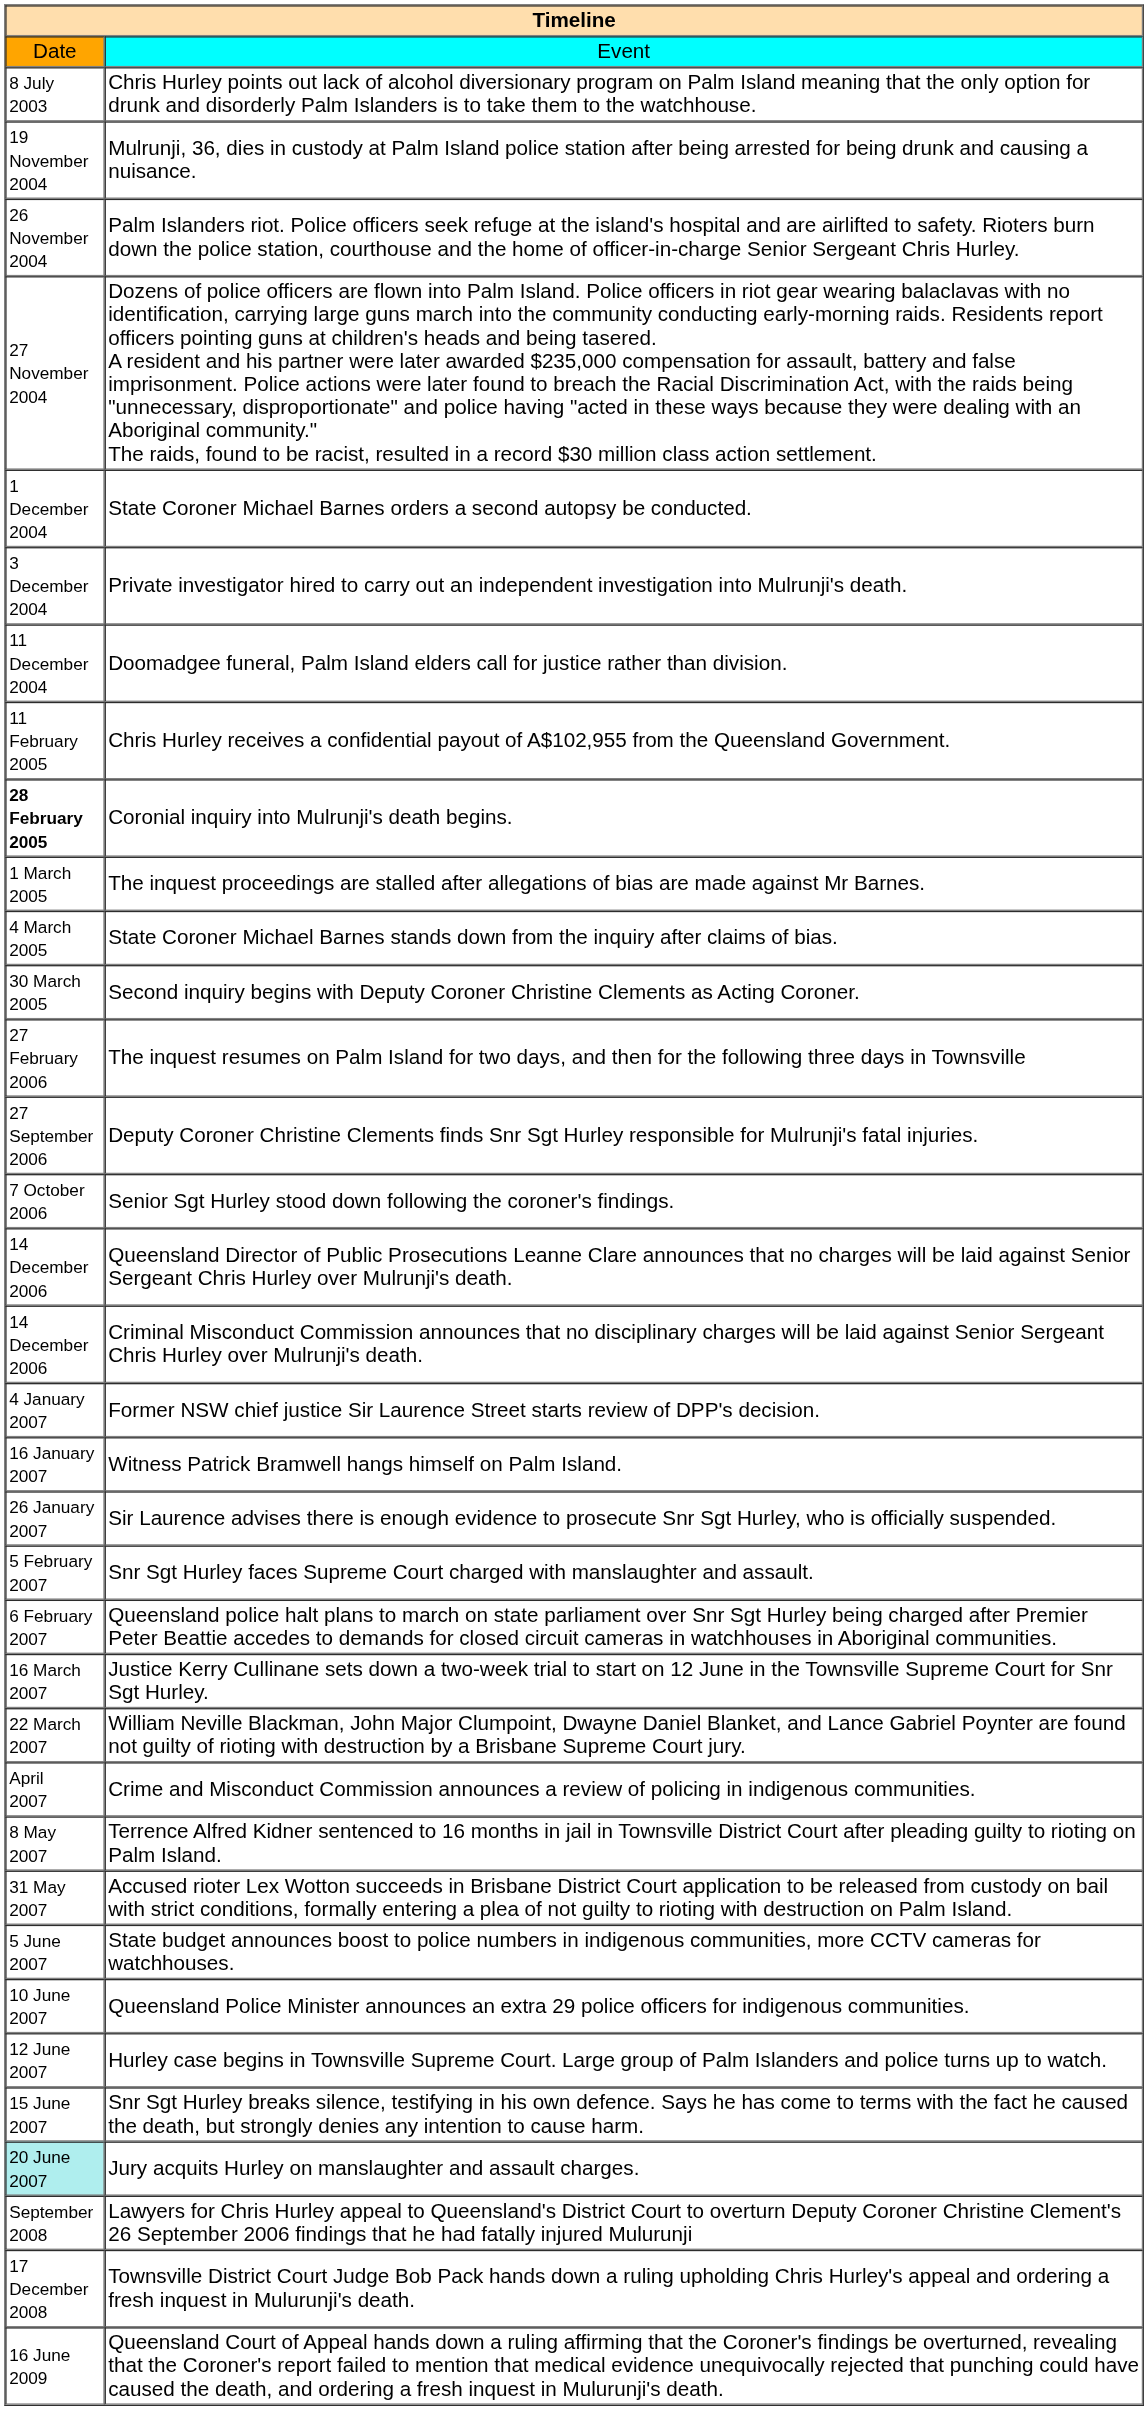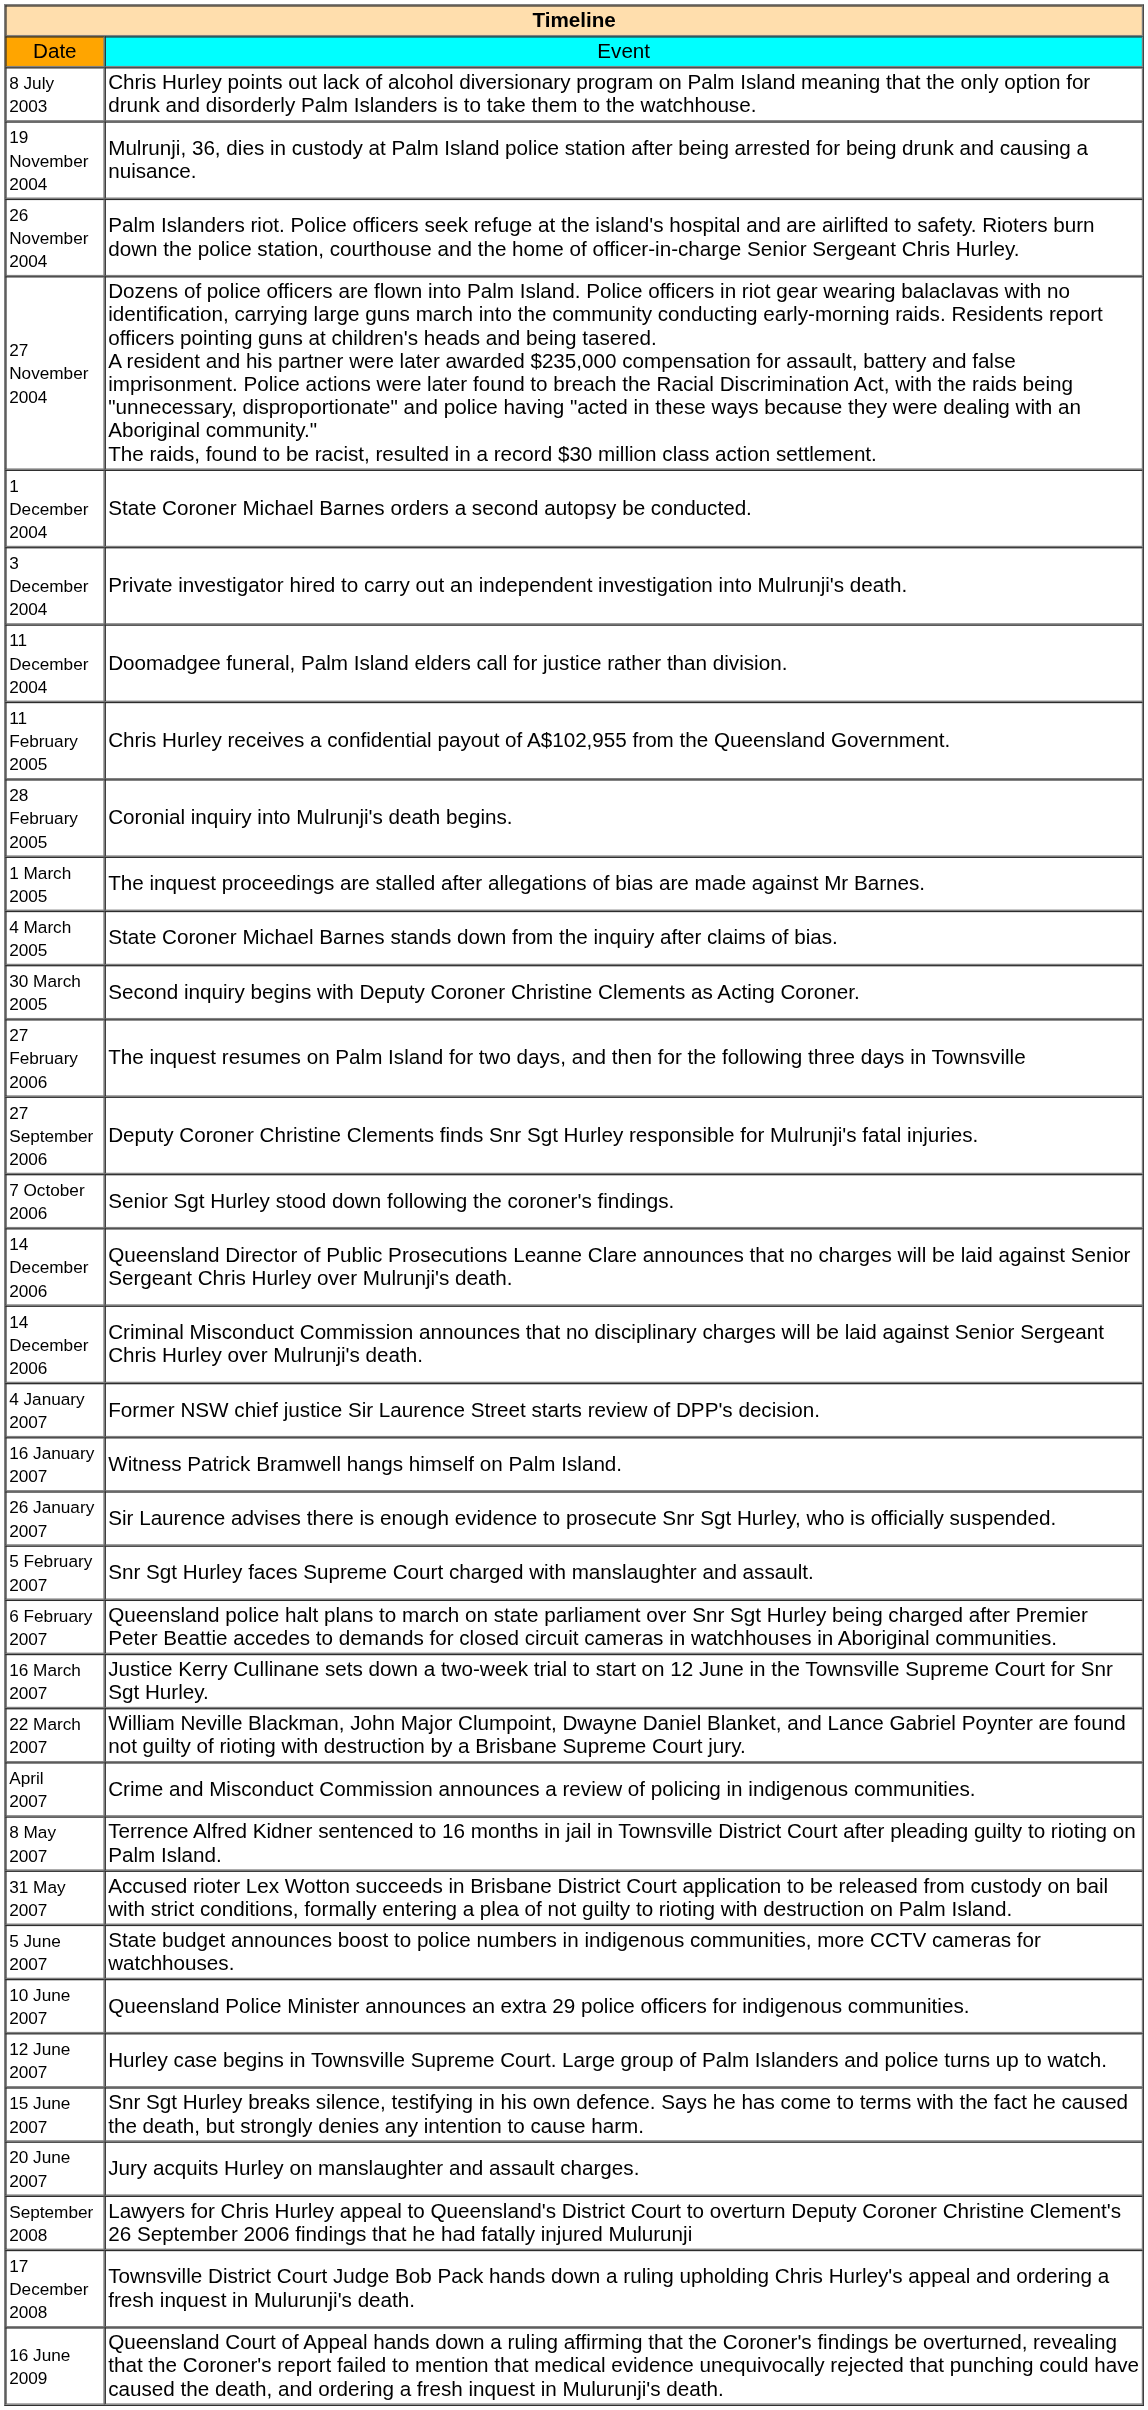 <table border="1" cellpadding="2.5" cellspacing="0">
 <tr>
 <th colspan="6" style="background:#ffdead;"><strong>Timeline</strong></th>
 </tr>
 <tr style="text-align:center;">
 <td style="background:orange; ">Date</td>
 <td style="background:#0ff; ">Event</td>
 </tr>
 <tr>
 <td><small>8 July</small><br> <small>2003</small></td>
 <td>Chris Hurley points out lack of alcohol diversionary program on Palm Island meaning that the only option for drunk and disorderly Palm Islanders is to take them to the watchhouse.</td>
 </tr>
 <tr>
 <td><small>19 November</small><br> <small>2004</small></td>
 <td>Mulrunji, 36, dies in custody at Palm Island police station after being arrested for being drunk and causing a nuisance.</td>
 </tr>
 <tr>
 <td><small>26 November</small><br> <small>2004</small></td>
 <td>Palm Islanders riot. Police officers seek refuge at the island's hospital and are airlifted to safety. Rioters burn down the police station, courthouse and the home of officer-in-charge Senior Sergeant Chris Hurley.</td>
 </tr>
 <tr>
 <td><small>27 November</small><br> <small>2004</small></td>
 <td>Dozens of police officers are flown into Palm Island. Police officers in riot gear wearing balaclavas with no identification, carrying large guns march into the community conducting early-morning raids. Residents report officers pointing guns at children's heads and being tasered.<br>A resident and his partner were later awarded $235,000 compensation for assault, battery and false imprisonment. Police actions were later found to breach the Racial Discrimination Act, with the raids being "unnecessary, disproportionate" and police having "acted in these ways because they were dealing with an Aboriginal community."<br>The raids, found to be racist, resulted in a record $30 million class action settlement.</td>
 </tr>
 <tr>
 <td><small>1 December</small><br> <small>2004</small></td>
 <td>State Coroner Michael Barnes orders a second autopsy be conducted.</td>
 </tr>
 <tr>
 <td><small>3 December</small><br> <small>2004</small></td>
 <td>Private investigator hired to carry out an independent investigation into Mulrunji's death.</td>
 </tr>
 <tr>
 <td><small>11 December</small><br> <small>2004</small></td>
 <td>Doomadgee funeral, Palm Island elders call for justice rather than division.</td>
 </tr>
 <tr>
 <td><small>11 February</small><br> <small>2005</small></td>
 <td>Chris Hurley receives a confidential payout of A$102,955 from the Queensland Government.</td>
 </tr>
 <tr>
-<td><strong><small>28 February</small><br> <small>2005</small></strong></td>
+<td><small>28 February</small><br> <small>2005</small></td>
 <td>Coronial inquiry into Mulrunji's death begins.</td>
 </tr>
 <tr>
 <td><small>1 March</small><br> <small>2005</small></td>
 <td>The inquest proceedings are stalled after allegations of bias are made against Mr Barnes.</td>
 </tr>
 <tr>
 <td><small>4 March</small><br> <small>2005</small></td>
 <td>State Coroner Michael Barnes stands down from the inquiry after claims of bias.</td>
 </tr>
 <tr>
 <td><small>30 March</small><br> <small>2005</small></td>
 <td>Second inquiry begins with Deputy Coroner Christine Clements as Acting Coroner.</td>
 </tr>
 <tr>
 <td><small>27 February</small><br> <small>2006</small></td>
 <td>The inquest resumes on Palm Island for two days, and then for the following three days in Townsville</td>
 </tr>
 <tr>
 <td><small>27 September</small><br> <small>2006</small></td>
 <td>Deputy Coroner Christine Clements finds Snr Sgt Hurley responsible for Mulrunji's fatal injuries.</td>
 </tr>
 <tr>
 <td><small>7 October</small><br> <small>2006</small></td>
 <td>Senior Sgt Hurley stood down following the coroner's findings.</td>
 </tr>
 <tr>
 <td><small>14 December</small><br> <small>2006</small></td>
 <td>Queensland Director of Public Prosecutions Leanne Clare announces that no charges will be laid against Senior Sergeant Chris Hurley over Mulrunji's death.</td>
 </tr>
 <tr>
 <td><small>14 December</small><br> <small>2006</small></td>
 <td>Criminal Misconduct Commission announces that no disciplinary charges will be laid against Senior Sergeant Chris Hurley over Mulrunji's death.</td>
 </tr>
 <tr>
 <td><small>4 January</small><br> <small>2007</small></td>
 <td>Former NSW chief justice Sir Laurence Street starts review of DPP's decision.</td>
 </tr>
 <tr>
 <td><small>16 January</small><br> <small>2007</small></td>
 <td>Witness Patrick Bramwell hangs himself on Palm Island.</td>
 </tr>
 <tr>
 <td><small>26 January</small><br> <small>2007</small></td>
 <td>Sir Laurence advises there is enough evidence to prosecute Snr Sgt Hurley, who is officially suspended.</td>
 </tr>
 <tr>
 <td><small>5 February</small><br> <small>2007</small></td>
 <td>Snr Sgt Hurley faces Supreme Court charged with manslaughter and assault.</td>
 </tr>
 <tr>
 <td><small>6 February</small><br> <small>2007</small></td>
 <td>Queensland police halt plans to march on state parliament over Snr Sgt Hurley being charged after Premier Peter Beattie accedes to demands for closed circuit cameras in watchhouses in Aboriginal communities.</td>
 </tr>
 <tr>
 <td><small>16 March</small><br> <small>2007</small></td>
 <td>Justice Kerry Cullinane sets down a two-week trial to start on 12 June in the Townsville Supreme Court for Snr Sgt Hurley.</td>
 </tr>
 <tr>
 <td><small>22 March</small><br> <small>2007</small></td>
 <td>William Neville Blackman, John Major Clumpoint, Dwayne Daniel Blanket, and Lance Gabriel Poynter are found not guilty of rioting with destruction by a Brisbane Supreme Court jury.</td>
 </tr>
 <tr>
 <td><small>April</small><br> <small>2007</small></td>
 <td>Crime and Misconduct Commission announces a review of policing in indigenous communities.</td>
 </tr>
 <tr>
 <td><small>8 May</small><br> <small>2007</small></td>
 <td>Terrence Alfred Kidner sentenced to 16 months in jail in Townsville District Court after pleading guilty to rioting on Palm Island.</td>
 </tr>
 <tr>
 <td><small>31 May</small><br> <small>2007</small></td>
 <td>Accused rioter Lex Wotton succeeds in Brisbane District Court application to be released from custody on bail with strict conditions, formally entering a plea of not guilty to rioting with destruction on Palm Island.</td>
 </tr>
 <tr>
 <td><small>5 June</small><br> <small>2007</small></td>
 <td>State budget announces boost to police numbers in indigenous communities, more CCTV cameras for watchhouses.</td>
 </tr>
 <tr>
 <td><small>10 June</small><br> <small>2007</small></td>
 <td>Queensland Police Minister announces an extra 29 police officers for indigenous communities.</td>
 </tr>
 <tr>
 <td><small>12 June</small><br> <small>2007</small></td>
 <td>Hurley case begins in Townsville Supreme Court. Large group of Palm Islanders and police turns up to watch.</td>
 </tr>
 <tr>
 <td><small>15 June</small><br> <small>2007</small></td>
 <td>Snr Sgt Hurley breaks silence, testifying in his own defence. Says he has come to terms with the fact he caused the death, but strongly denies any intention to cause harm.</td>
 </tr>
 <tr>
-<td style="background: paleturquoise;"><small>20 June</small><br> <small>2007</small></td>
+<td><small>20 June</small><br> <small>2007</small></td>
 <td>Jury acquits Hurley on manslaughter and assault charges.</td>
 </tr>
 <tr>
 <td><small>September</small><br> <small>2008</small></td>
 <td>Lawyers for Chris Hurley appeal to Queensland's District Court to overturn Deputy Coroner Christine Clement's 26 September 2006 findings that he had fatally injured Mulurunji</td>
 </tr>
 <tr>
 <td><small>17 December</small><br> <small>2008</small></td>
 <td>Townsville District Court Judge Bob Pack hands down a ruling upholding Chris Hurley's appeal and ordering a fresh inquest in Mulurunji's death.</td>
 </tr>
 <tr>
 <td><small>16 June</small><br> <small>2009</small></td>
 <td>Queensland Court of Appeal hands down a ruling affirming that the Coroner's findings be overturned, revealing that the Coroner's report failed to mention that medical evidence unequivocally rejected that punching could have caused the death, and ordering a fresh inquest in Mulurunji's death.</td>
 </tr>
 </table>
